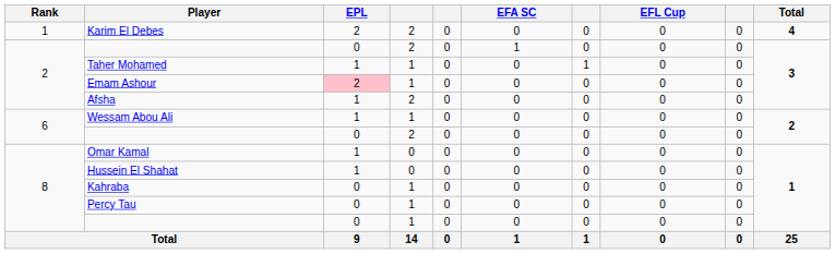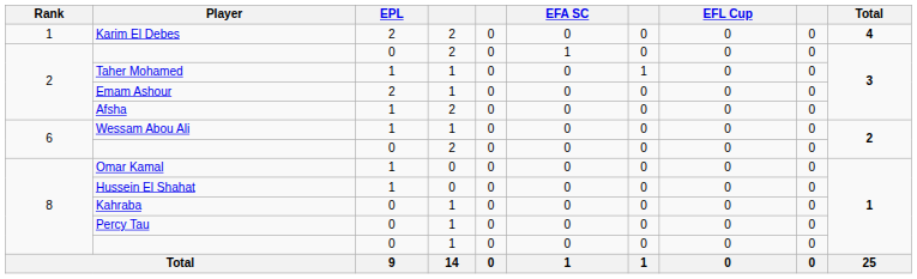 <table class="wikitable sortable" style="text-align:center; width:95%">
 <tr>
 <th style=background-color:#;color:#>Rank</th>
 <th style=background-color:#;color:#>Player</th>
 <th style=background-color:#;color:#><a href='#'>EPL</a></th>
 <th style=background-color:#;color:#></th>
 <th style=background-color:#;color:#></th>
 <th style=background-color:#;color:#><a href='#'>EFA SC</a></th>
 <th style=background-color:#;color:#></th>
 <th style=background-color:#;color:#><a href='#'>EFL Cup</a></th>
 <th style=background-color:#;color:#></th>
 <th style=background-color:#;color:#>Total</th>
 </tr>
 <tr>
 <td rowspan=1>1</td>
 <td align=left> <a href='#'>Karim El Debes</a></td>
 <td>2</td>
 <td>2</td>
 <td>0</td>
 <td>0</td>
 <td>0</td>
 <td>0</td>
 <td>0</td>
 <td rowspan=1><strong>4</strong></td>
 </tr>
 <tr>
 <td rowspan=4>2</td>
 <td align=left></td>
 <td>0</td>
 <td>2</td>
 <td>0</td>
 <td>1</td>
 <td>0</td>
 <td>0</td>
 <td>0</td>
 <td rowspan=4><strong>3</strong></td>
 </tr>
 <tr>
 <td align=left> <a href='#'>Taher Mohamed</a></td>
 <td>1</td>
 <td>1</td>
 <td>0</td>
 <td>0</td>
 <td>1</td>
 <td>0</td>
 <td>0</td>
 </tr>
 <tr>
 <td align=left> <a href='#'>Emam Ashour</a></td>
-<td style="background: pink;">2</td>
+<td>2</td>
 <td>1</td>
 <td>0</td>
 <td>0</td>
 <td>0</td>
 <td>0</td>
 <td>0</td>
 </tr>
 <tr>
 <td align=left> <a href='#'>Afsha</a></td>
 <td>1</td>
 <td>2</td>
 <td>0</td>
 <td>0</td>
 <td>0</td>
 <td>0</td>
 <td>0</td>
 </tr>
 <tr>
 <td rowspan=2>6</td>
 <td align=left> <a href='#'>Wessam Abou Ali</a></td>
 <td>1</td>
 <td>1</td>
 <td>0</td>
 <td>0</td>
 <td>0</td>
 <td>0</td>
 <td>0</td>
 <td rowspan=2><strong>2</strong></td>
 </tr>
 <tr>
 <td align=left></td>
 <td>0</td>
 <td>2</td>
 <td>0</td>
 <td>0</td>
 <td>0</td>
 <td>0</td>
 <td>0</td>
 </tr>
 <tr>
 <td rowspan=5>8</td>
 <td align=left> <a href='#'>Omar Kamal</a></td>
 <td>1</td>
 <td>0</td>
 <td>0</td>
 <td>0</td>
 <td>0</td>
 <td>0</td>
 <td>0</td>
 <td rowspan=5><strong>1</strong></td>
 </tr>
 <tr>
 <td align=left> <a href='#'>Hussein El Shahat</a></td>
 <td>1</td>
 <td>0</td>
 <td>0</td>
 <td>0</td>
 <td>0</td>
 <td>0</td>
 <td>0</td>
 </tr>
 <tr>
 <td align=left> <a href='#'>Kahraba</a></td>
 <td>0</td>
 <td>1</td>
 <td>0</td>
 <td>0</td>
 <td>0</td>
 <td>0</td>
 <td>0</td>
 </tr>
 <tr>
 <td align=left> <a href='#'>Percy Tau</a></td>
 <td>0</td>
 <td>1</td>
 <td>0</td>
 <td>0</td>
 <td>0</td>
 <td>0</td>
 <td>0</td>
 </tr>
 <tr>
 <td align=left></td>
 <td>0</td>
 <td>1</td>
 <td>0</td>
 <td>0</td>
 <td>0</td>
 <td>0</td>
 <td>0</td>
 </tr>
 <tr>
 <th colspan=2>Total</th>
 <th>9</th>
 <th>14</th>
 <th>0</th>
 <th>1</th>
 <th>1</th>
 <th>0</th>
 <th>0</th>
 <th>25</th>
 </tr>
 </table>
